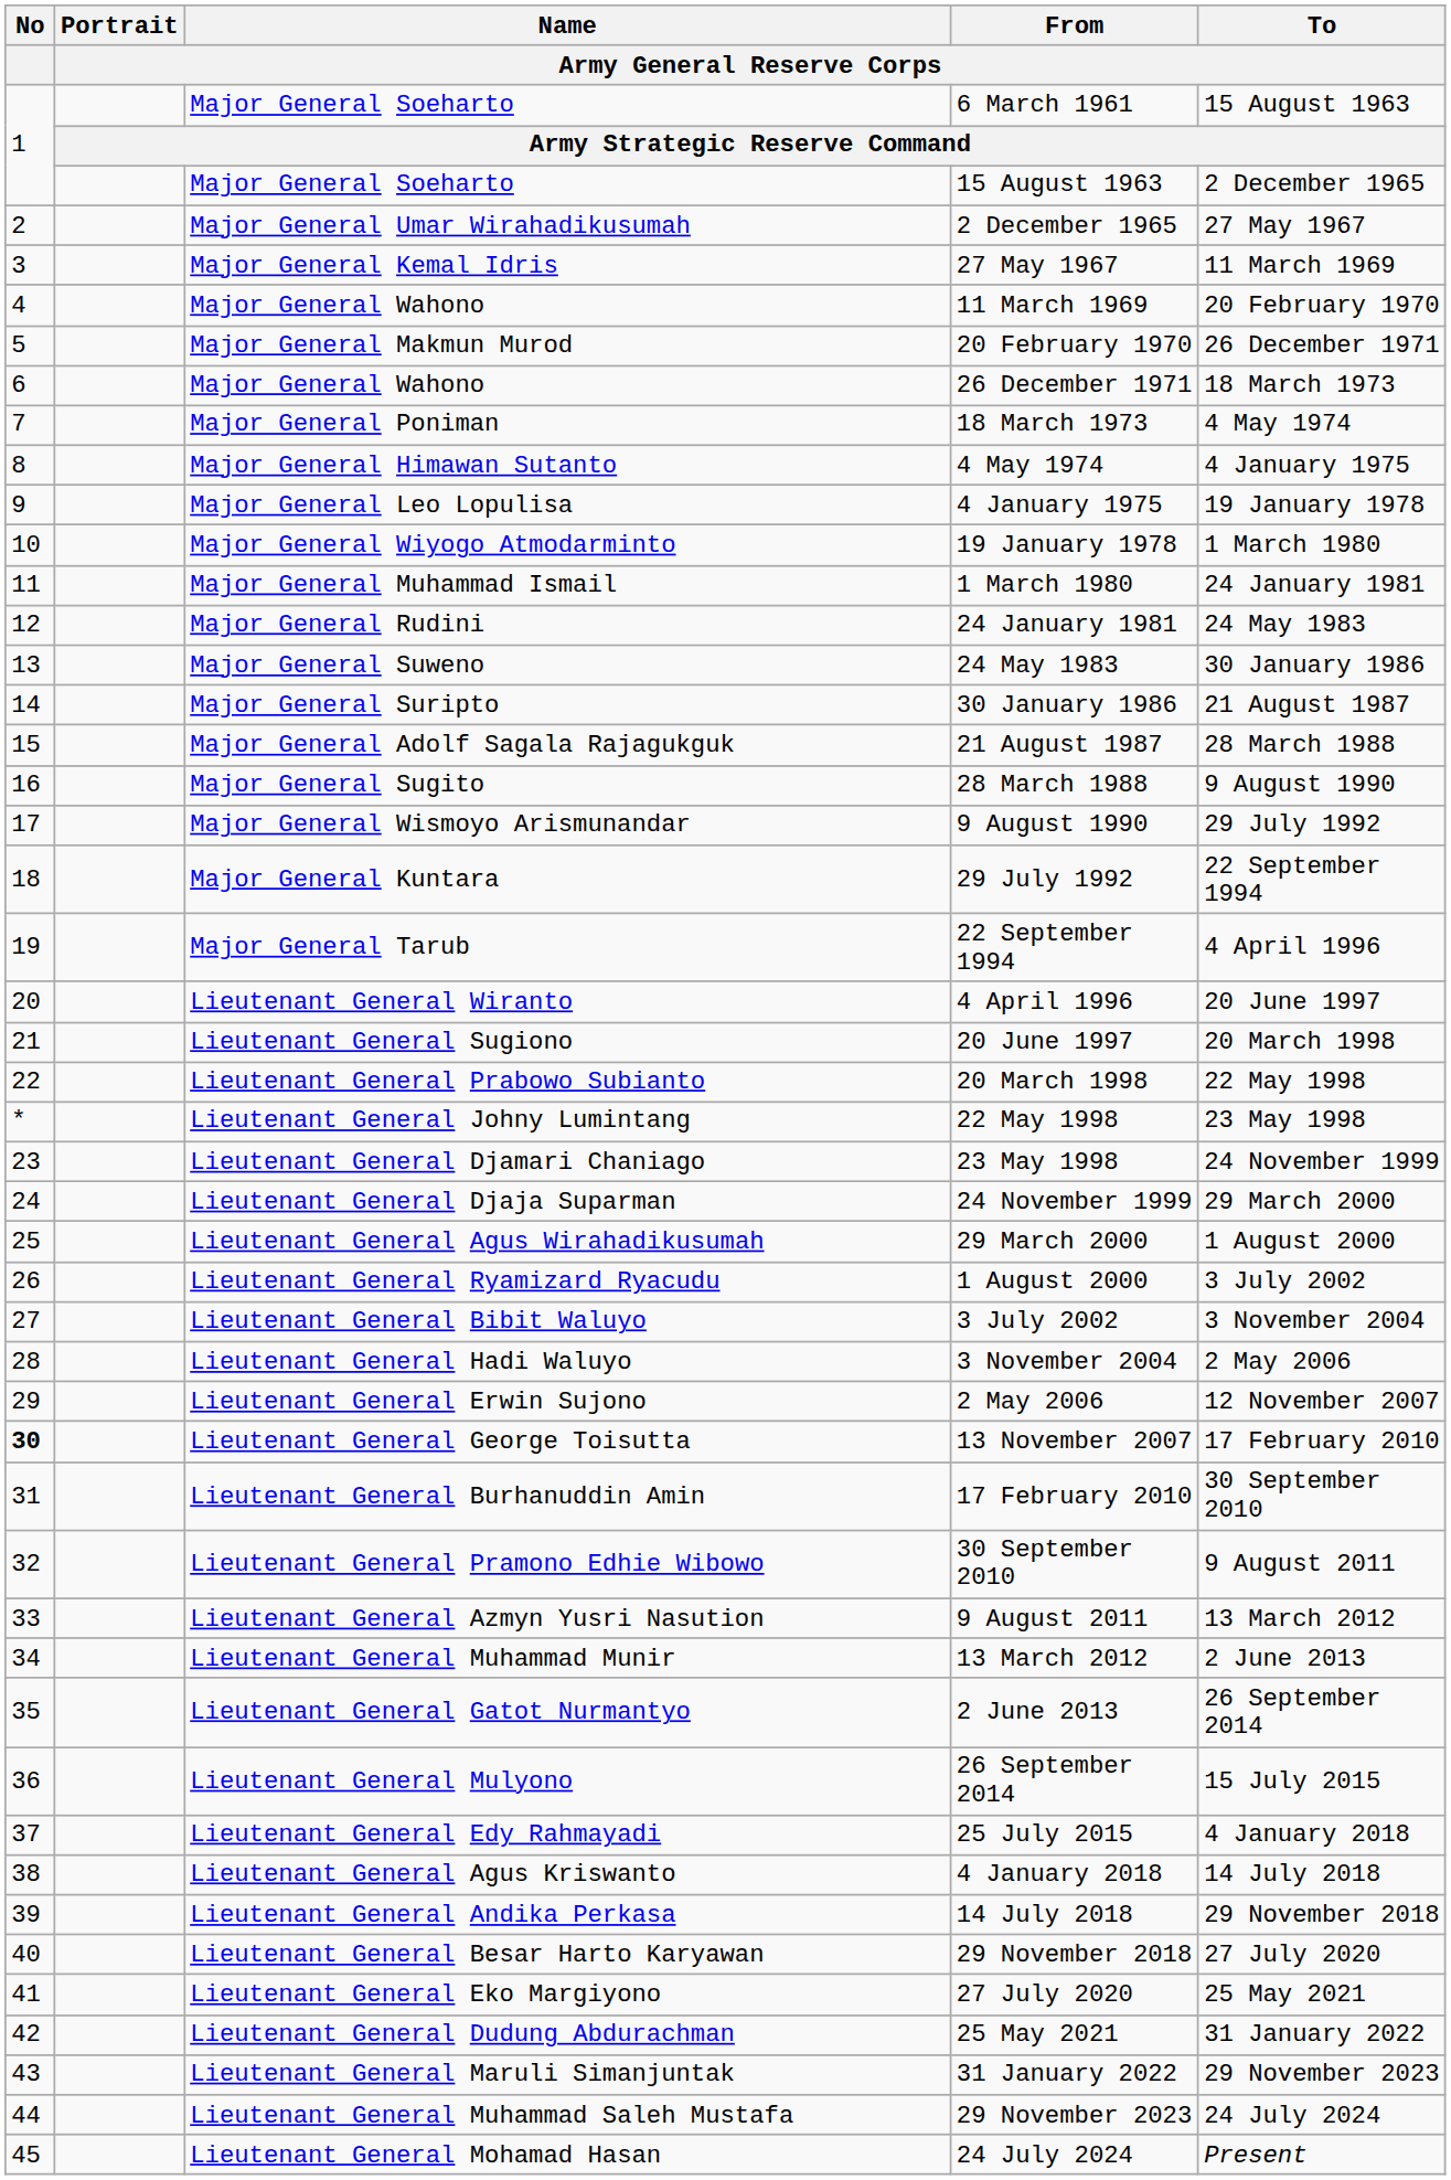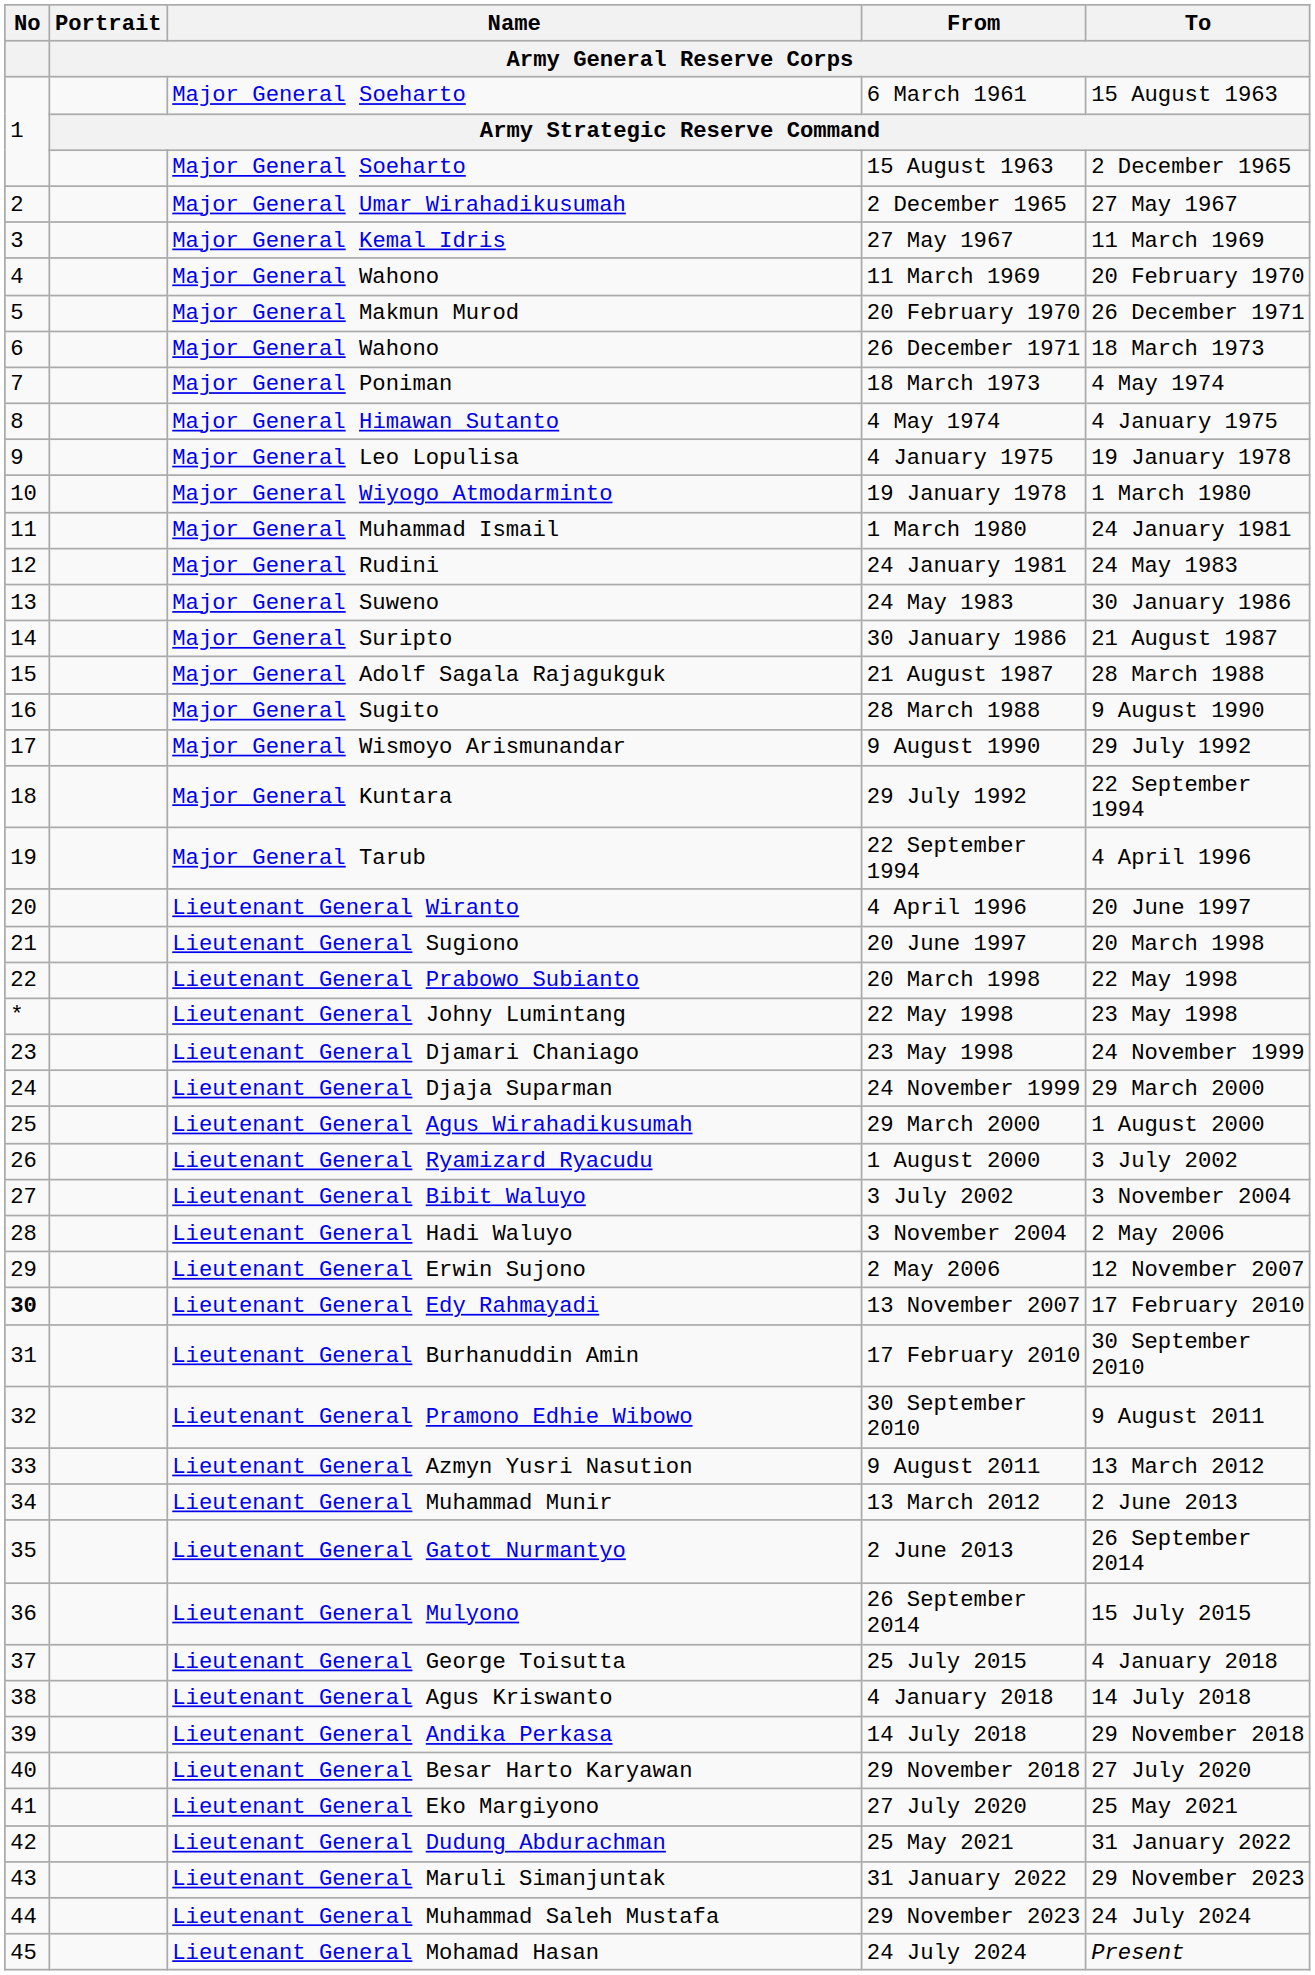 <table class="wikitable">
 <tr>
 <th style="width:20px;">No</th>
 <th>Portrait</th>
 <th style="width:400px;">Name</th>
 <th style="width:125px;">From</th>
 <th style="width:125px;">To</th>
 </tr>
 <tr>
 <th></th>
 <th colspan="4">Army General Reserve Corps</th>
 </tr>
 <tr>
 <td rowspan="3">1</td>
 <td></td>
 <td><a href='#'>Major General</a> <a href='#'>Soeharto</a></td>
 <td>6 March 1961</td>
 <td>15 August 1963</td>
 </tr>
 <tr>
 <th colspan="4">Army Strategic Reserve Command</th>
 </tr>
 <tr>
 <td></td>
 <td><a href='#'>Major General</a> <a href='#'>Soeharto</a></td>
 <td>15 August 1963</td>
 <td>2 December 1965</td>
 </tr>
 <tr>
 <td>2</td>
 <td></td>
 <td><a href='#'>Major General</a> <a href='#'>Umar Wirahadikusumah</a></td>
 <td>2 December 1965</td>
 <td>27 May 1967</td>
 </tr>
 <tr>
 <td>3</td>
 <td></td>
 <td><a href='#'>Major General</a> <a href='#'>Kemal Idris</a></td>
 <td>27 May 1967</td>
 <td>11 March 1969</td>
 </tr>
 <tr>
 <td>4</td>
 <td></td>
 <td><a href='#'>Major General</a> Wahono</td>
 <td>11 March 1969</td>
 <td>20 February 1970</td>
 </tr>
 <tr>
 <td>5</td>
 <td></td>
 <td><a href='#'>Major General</a> Makmun Murod</td>
 <td>20 February 1970</td>
 <td>26 December 1971</td>
 </tr>
 <tr>
 <td>6</td>
 <td></td>
 <td><a href='#'>Major General</a> Wahono</td>
 <td>26 December 1971</td>
 <td>18 March 1973</td>
 </tr>
 <tr>
 <td>7</td>
 <td></td>
 <td><a href='#'>Major General</a> Poniman</td>
 <td>18 March 1973</td>
 <td>4 May 1974</td>
 </tr>
 <tr>
 <td>8</td>
 <td></td>
 <td><a href='#'>Major General</a> <a href='#'>Himawan Sutanto</a></td>
 <td>4 May 1974</td>
 <td>4 January 1975</td>
 </tr>
 <tr>
 <td>9</td>
 <td></td>
 <td><a href='#'>Major General</a> Leo Lopulisa</td>
 <td>4 January 1975</td>
 <td>19 January 1978</td>
 </tr>
 <tr>
 <td>10</td>
 <td></td>
 <td><a href='#'>Major General</a> <a href='#'>Wiyogo Atmodarminto</a></td>
 <td>19 January 1978</td>
 <td>1 March 1980</td>
 </tr>
 <tr>
 <td>11</td>
 <td></td>
 <td><a href='#'>Major General</a> Muhammad Ismail</td>
 <td>1 March 1980</td>
 <td>24 January 1981</td>
 </tr>
 <tr>
 <td>12</td>
 <td></td>
 <td><a href='#'>Major General</a> Rudini</td>
 <td>24 January 1981</td>
 <td>24 May 1983</td>
 </tr>
 <tr>
 <td>13</td>
 <td></td>
 <td><a href='#'>Major General</a> Suweno</td>
 <td>24 May 1983</td>
 <td>30 January 1986</td>
 </tr>
 <tr>
 <td>14</td>
 <td></td>
 <td><a href='#'>Major General</a> Suripto</td>
 <td>30 January 1986</td>
 <td>21 August 1987</td>
 </tr>
 <tr>
 <td>15</td>
 <td></td>
 <td><a href='#'>Major General</a> Adolf Sagala Rajagukguk</td>
 <td>21 August 1987</td>
 <td>28 March 1988</td>
 </tr>
 <tr>
 <td>16</td>
 <td></td>
 <td><a href='#'>Major General</a> Sugito</td>
 <td>28 March 1988</td>
 <td>9 August 1990</td>
 </tr>
 <tr>
 <td>17</td>
 <td></td>
 <td><a href='#'>Major General</a> Wismoyo Arismunandar</td>
 <td>9 August 1990</td>
 <td>29 July 1992</td>
 </tr>
 <tr>
 <td>18</td>
 <td></td>
 <td><a href='#'>Major General</a> Kuntara</td>
 <td>29 July 1992</td>
 <td>22 September 1994</td>
 </tr>
 <tr>
 <td>19</td>
 <td></td>
 <td><a href='#'>Major General</a> Tarub</td>
 <td>22 September 1994</td>
 <td>4 April 1996</td>
 </tr>
 <tr>
 <td>20</td>
 <td></td>
 <td><a href='#'>Lieutenant General</a> <a href='#'>Wiranto</a></td>
 <td>4 April 1996</td>
 <td>20 June 1997</td>
 </tr>
 <tr>
 <td>21</td>
 <td></td>
 <td><a href='#'>Lieutenant General</a> Sugiono</td>
 <td>20 June 1997</td>
 <td>20 March 1998</td>
 </tr>
 <tr>
 <td>22</td>
 <td></td>
 <td><a href='#'>Lieutenant General</a> <a href='#'>Prabowo Subianto</a></td>
 <td>20 March 1998</td>
 <td>22 May 1998</td>
 </tr>
 <tr>
 <td>*</td>
 <td></td>
 <td><a href='#'>Lieutenant General</a> Johny Lumintang</td>
 <td>22 May 1998</td>
 <td>23 May 1998</td>
 </tr>
 <tr>
 <td>23</td>
 <td></td>
 <td><a href='#'>Lieutenant General</a> Djamari Chaniago</td>
 <td>23 May 1998</td>
 <td>24 November 1999</td>
 </tr>
 <tr>
 <td>24</td>
 <td></td>
 <td><a href='#'>Lieutenant General</a> Djaja Suparman</td>
 <td>24 November 1999</td>
 <td>29 March 2000</td>
 </tr>
 <tr>
 <td>25</td>
 <td></td>
 <td><a href='#'>Lieutenant General</a> <a href='#'>Agus Wirahadikusumah</a></td>
 <td>29 March 2000</td>
 <td>1 August 2000</td>
 </tr>
 <tr>
 <td>26</td>
 <td></td>
 <td><a href='#'>Lieutenant General</a> <a href='#'>Ryamizard Ryacudu</a></td>
 <td>1 August 2000</td>
 <td>3 July 2002</td>
 </tr>
 <tr>
 <td>27</td>
 <td></td>
 <td><a href='#'>Lieutenant General</a> <a href='#'>Bibit Waluyo</a></td>
 <td>3 July 2002</td>
 <td>3 November 2004</td>
 </tr>
 <tr>
 <td>28</td>
 <td></td>
 <td><a href='#'>Lieutenant General</a> Hadi Waluyo</td>
 <td>3 November 2004</td>
 <td>2 May 2006</td>
 </tr>
 <tr>
 <td>29</td>
 <td></td>
 <td><a href='#'>Lieutenant General</a> Erwin Sujono</td>
 <td>2 May 2006</td>
 <td>12 November 2007</td>
 </tr>
 <tr>
 <td><strong>30</strong></td>
 <td></td>
-<td><a href='#'>Lieutenant General</a> George Toisutta</td>
+<td><a href='#'>Lieutenant General</a> <a href='#'>Edy Rahmayadi</a></td>
 <td>13 November 2007</td>
 <td>17 February 2010</td>
 </tr>
 <tr>
 <td>31</td>
 <td></td>
 <td><a href='#'>Lieutenant General</a> Burhanuddin Amin</td>
 <td>17 February 2010</td>
 <td>30 September 2010</td>
 </tr>
 <tr>
 <td>32</td>
 <td></td>
 <td><a href='#'>Lieutenant General</a> <a href='#'>Pramono Edhie Wibowo</a></td>
 <td>30 September 2010</td>
 <td>9 August 2011</td>
 </tr>
 <tr>
 <td>33</td>
 <td></td>
 <td><a href='#'>Lieutenant General</a> Azmyn Yusri Nasution</td>
 <td>9 August 2011</td>
 <td>13 March 2012</td>
 </tr>
 <tr>
 <td>34</td>
 <td></td>
 <td><a href='#'>Lieutenant General</a> Muhammad Munir</td>
 <td>13 March 2012</td>
 <td>2 June 2013</td>
 </tr>
 <tr>
 <td>35</td>
 <td></td>
 <td><a href='#'>Lieutenant General</a> <a href='#'>Gatot Nurmantyo</a></td>
 <td>2 June 2013</td>
 <td>26 September 2014</td>
 </tr>
 <tr>
 <td>36</td>
 <td></td>
 <td><a href='#'>Lieutenant General</a> <a href='#'>Mulyono</a></td>
 <td>26 September 2014</td>
 <td>15 July 2015</td>
 </tr>
 <tr>
 <td>37</td>
 <td></td>
-<td><a href='#'>Lieutenant General</a> <a href='#'>Edy Rahmayadi</a></td>
+<td><a href='#'>Lieutenant General</a> George Toisutta</td>
 <td>25 July 2015</td>
 <td>4 January 2018</td>
 </tr>
 <tr>
 <td>38</td>
 <td></td>
 <td><a href='#'>Lieutenant General</a> Agus Kriswanto</td>
 <td>4 January 2018</td>
 <td>14 July 2018</td>
 </tr>
 <tr>
 <td>39</td>
 <td></td>
 <td><a href='#'>Lieutenant General</a> <a href='#'>Andika Perkasa</a></td>
 <td>14 July 2018</td>
 <td>29 November 2018</td>
 </tr>
 <tr>
 <td>40</td>
 <td></td>
 <td><a href='#'>Lieutenant General</a> Besar Harto Karyawan</td>
 <td>29 November 2018</td>
 <td>27 July 2020</td>
 </tr>
 <tr>
 <td>41</td>
 <td></td>
 <td><a href='#'>Lieutenant General</a> Eko Margiyono</td>
 <td>27 July 2020</td>
 <td>25 May 2021</td>
 </tr>
 <tr>
 <td>42</td>
 <td></td>
 <td><a href='#'>Lieutenant General</a> <a href='#'>Dudung Abdurachman</a></td>
 <td>25 May 2021</td>
 <td>31 January 2022</td>
 </tr>
 <tr>
 <td>43</td>
 <td></td>
 <td><a href='#'>Lieutenant General</a> Maruli Simanjuntak</td>
 <td>31 January 2022</td>
 <td>29 November 2023</td>
 </tr>
 <tr>
 <td>44</td>
 <td></td>
 <td><a href='#'>Lieutenant General</a> Muhammad Saleh Mustafa</td>
 <td>29 November 2023</td>
 <td>24 July 2024</td>
 </tr>
 <tr>
 <td>45</td>
 <td></td>
 <td><a href='#'>Lieutenant General</a> Mohamad Hasan</td>
 <td>24 July 2024</td>
 <td><em>Present</em></td>
 </tr>
 </table>
